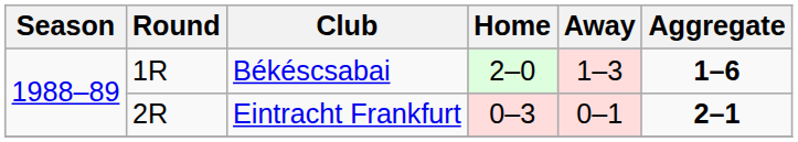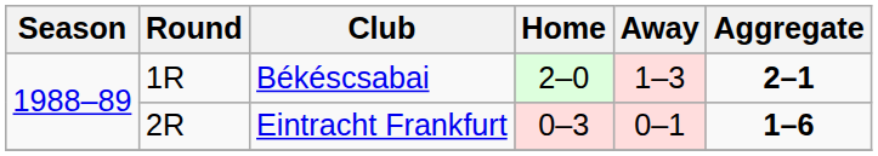 <table class="wikitable">
 <tr>
 <th>Season</th>
 <th>Round</th>
 <th>Club</th>
 <th>Home</th>
 <th>Away</th>
 <th>Aggregate</th>
 </tr>
 <tr>
 <td rowspan="2"><a href='#'>1988–89</a></td>
 <td>1R</td>
 <td> <a href='#'>Békéscsabai</a></td>
 <td style="text-align:center; background:#dfd;">2–0</td>
 <td style="text-align:center; background:#fdd;">1–3</td>
-<td style="text-align:center;"><strong>1–6</strong></td>
+<td style="text-align:center;"><strong>2–1</strong></td>
 </tr>
 <tr>
 <td>2R</td>
 <td> <a href='#'>Eintracht Frankfurt</a></td>
 <td style="text-align:center; background:#fdd;">0–3</td>
 <td style="text-align:center; background:#fdd;">0–1</td>
-<td style="text-align:center;"><strong>2–1</strong></td>
+<td style="text-align:center;"><strong>1–6</strong></td>
 </tr>
 <tr>
 </tr>
 </table>
